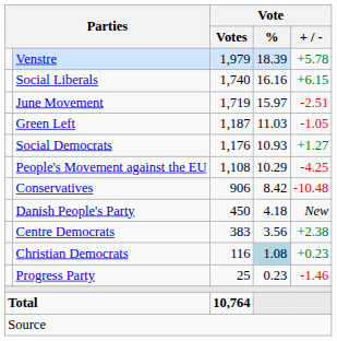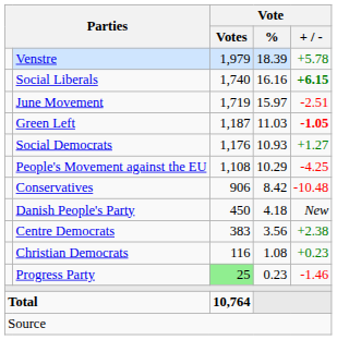 <table class="wikitable" style="text-align:right;">
 <tr>
 <th style="text-align:centre;" rowspan="2" colspan="2" width="225">Parties</th>
 <th colspan="3">Vote</th>
 </tr>
 <tr>
 <th width="15">Votes</th>
 <th width="15">%</th>
 <th width="15">+ / -</th>
 </tr>
 <tr>
 <td width="2" style="color:inherit;background:"></td>
 <td bgcolor=#cfe5fe   align="left"><a href='#'>Venstre</a></td>
 <td bgcolor=#cfe5fe>1,979</td>
 <td bgcolor=#cfe5fe>18.39</td>
 <td style=color:green;>+5.78</td>
 </tr>
 <tr>
 <td width="2" style="color:inherit;background:"></td>
 <td align="left"><a href='#'>Social Liberals</a></td>
 <td>1,740</td>
 <td>16.16</td>
-<td style=color:green;>+6.15</td>
+<td style=color:green;><strong>+6.15</strong></td>
 </tr>
 <tr>
 <td width="2" style="color:inherit;background:"></td>
 <td align="left"><a href='#'>June Movement</a></td>
 <td>1,719</td>
 <td>15.97</td>
 <td style=color:red;>-2.51</td>
 </tr>
 <tr>
 <td width="2" style="color:inherit;background:"></td>
 <td align="left"><a href='#'>Green Left</a></td>
 <td>1,187</td>
 <td>11.03</td>
-<td style=color:red;>-1.05</td>
+<td style=color:red;><strong>-1.05</strong></td>
 </tr>
 <tr>
 <td width="2" style="color:inherit;background:"></td>
 <td align="left"><a href='#'>Social Democrats</a></td>
 <td>1,176</td>
 <td>10.93</td>
 <td style=color:green;>+1.27</td>
 </tr>
 <tr>
 <td width="2" style="color:inherit;background:"></td>
 <td align="left"><a href='#'>People's Movement against the EU</a></td>
 <td>1,108</td>
 <td>10.29</td>
 <td style=color:red;>-4.25</td>
 </tr>
 <tr>
 <td width="2" style="color:inherit;background:"></td>
 <td align="left"><a href='#'>Conservatives</a></td>
 <td>906</td>
 <td>8.42</td>
 <td style=color:red;>-10.48</td>
 </tr>
 <tr>
 <td width="2" style="color:inherit;background:"></td>
 <td align="left"><a href='#'>Danish People's Party</a></td>
 <td>450</td>
 <td>4.18</td>
 <td><em>New</em></td>
 </tr>
 <tr>
 <td width="2" style="color:inherit;background:"></td>
 <td align="left"><a href='#'>Centre Democrats</a></td>
 <td>383</td>
 <td>3.56</td>
 <td style=color:green;>+2.38</td>
 </tr>
 <tr>
 <td width="2" style="color:inherit;background:"></td>
 <td align="left"><a href='#'>Christian Democrats</a></td>
 <td>116</td>
-<td style="background: lightblue;">1.08</td>
+<td>1.08</td>
 <td style=color:green;>+0.23</td>
 </tr>
 <tr>
 <td width="2" style="color:inherit;background:"></td>
 <td align="left"><a href='#'>Progress Party</a></td>
-<td>25</td>
+<td style="background: lightgreen;">25</td>
 <td>0.23</td>
 <td style=color:red;>-1.46</td>
 </tr>
 <tr>
 <td colspan="7" bgcolor="#E9E9E9"></td>
 </tr>
 <tr>
 <td align="left" colspan="2"><strong>Total</strong></td>
 <td><strong>10,764</strong></td>
 <td bgcolor="#E9E9E9" colspan="2"></td>
 </tr>
 <tr>
 <td align="left" colspan="6">Source</td>
 </tr>
 </table>
